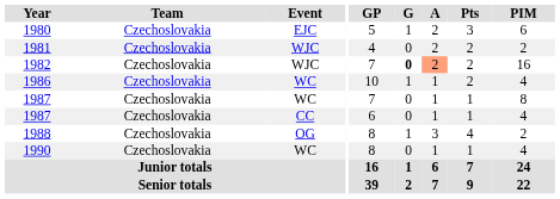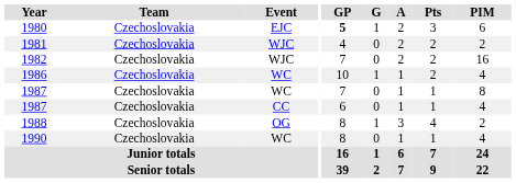 <table border="0" cellpadding="1" cellspacing="0" ID="Table3" style="text-align:center; width:40em">
 <tr ALIGN="center" bgcolor="#e0e0e0">
 <th>Year</th>
 <th>Team</th>
 <th>Event</th>
 <th rowspan="99" bgcolor="#ffffff"></th>
 <th>GP</th>
 <th>G</th>
 <th>A</th>
 <th>Pts</th>
 <th>PIM</th>
 </tr>
 <tr>
 <td><a href='#'>1980</a></td>
 <td><a href='#'>Czechoslovakia</a></td>
 <td><a href='#'>EJC</a></td>
-<td>5</td>
+<td><strong>5</strong></td>
 <td>1</td>
 <td>2</td>
 <td>3</td>
 <td>6</td>
 </tr>
 <tr bgcolor="#f0f0f0">
 <td><a href='#'>1981</a></td>
 <td><a href='#'>Czechoslovakia</a></td>
 <td><a href='#'>WJC</a></td>
 <td>4</td>
 <td>0</td>
 <td>2</td>
 <td>2</td>
 <td>2</td>
 </tr>
 <tr>
 <td><a href='#'>1982</a></td>
 <td>Czechoslovakia</td>
 <td>WJC</td>
 <td>7</td>
-<td><strong>0</strong></td>
-<td style="background: lightsalmon;">2</td>
+<td>0</td>
+<td>2</td>
 <td>2</td>
 <td>16</td>
 </tr>
 <tr bgcolor="#f0f0f0">
 <td><a href='#'>1986</a></td>
 <td><a href='#'>Czechoslovakia</a></td>
 <td><a href='#'>WC</a></td>
 <td>10</td>
 <td>1</td>
 <td>1</td>
 <td>2</td>
 <td>4</td>
 </tr>
 <tr>
 <td><a href='#'>1987</a></td>
 <td>Czechoslovakia</td>
 <td>WC</td>
 <td>7</td>
 <td>0</td>
 <td>1</td>
 <td>1</td>
 <td>8</td>
 </tr>
 <tr bgcolor="#f0f0f0">
 <td><a href='#'>1987</a></td>
 <td>Czechoslovakia</td>
 <td><a href='#'>CC</a></td>
 <td>6</td>
 <td>0</td>
 <td>1</td>
 <td>1</td>
 <td>4</td>
 </tr>
 <tr>
 <td><a href='#'>1988</a></td>
 <td>Czechoslovakia</td>
 <td><a href='#'>OG</a></td>
 <td>8</td>
 <td>1</td>
 <td>3</td>
 <td>4</td>
 <td>2</td>
 </tr>
 <tr bgcolor="#f0f0f0">
 <td><a href='#'>1990</a></td>
 <td>Czechoslovakia</td>
 <td>WC</td>
 <td>8</td>
 <td>0</td>
 <td>1</td>
 <td>1</td>
 <td>4</td>
 </tr>
 <tr bgcolor="#e0e0e0">
 <th colspan="3">Junior totals</th>
 <th>16</th>
 <th>1</th>
 <th>6</th>
 <th>7</th>
 <th>24</th>
 </tr>
 <tr bgcolor="#e0e0e0">
 <th colspan="3">Senior totals</th>
 <th>39</th>
 <th>2</th>
 <th>7</th>
 <th>9</th>
 <th>22</th>
 </tr>
 </table>
